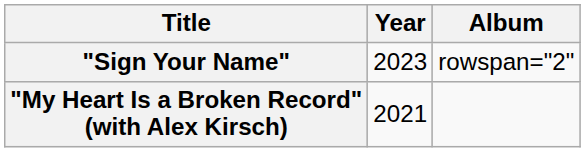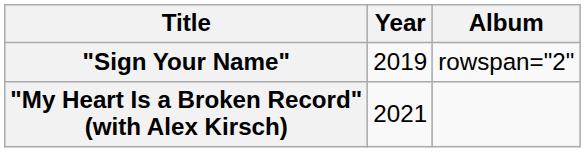 <table class="wikitable plainrowheaders" style="text-align:center;">
 <tr>
 <th scope="col">Title</th>
 <th scope="col">Year</th>
 <th scope="col">Album</th>
 </tr>
 <tr>
 <th scope="row">"Sign Your Name"</th>
-<td>2023</td>
+<td>2019</td>
 <td>rowspan="2" </td>
 </tr>
 <tr>
 <th scope="row">"My Heart Is a Broken Record"<br><span>(with Alex Kirsch)</span></th>
 <td>2021</td>
 </tr>
 </table>
